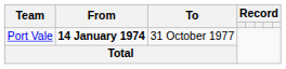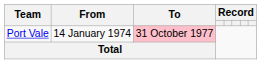 <table class="wikitable" style="text-align: center">
 <tr>
 <th rowspan=2>Team</th>
 <th rowspan=2>From</th>
 <th rowspan=2>To</th>
 <th colspan=5>Record</th>
 </tr>
 <tr>
 <th></th>
 <th></th>
 <th></th>
 <th></th>
 <th></th>
 </tr>
 <tr>
 <td align=left><a href='#'>Port Vale</a></td>
-<td align=left><strong>14 January 1974</strong></td>
-<td align=left>31 October 1977<br></td>
+<td align=left>14 January 1974</td>
+<td align=left style="background: pink;">31 October 1977<br></td>
 </tr>
 <tr>
 <th colspan=3>Total<br></th>
 </tr>
 </table>
